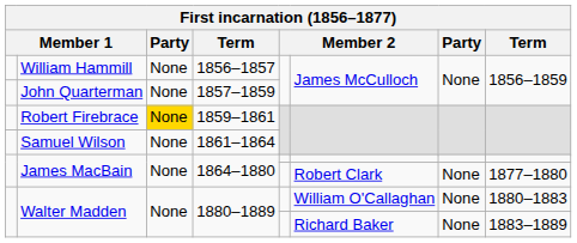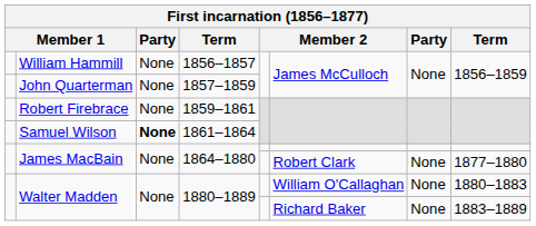 <table class="wikitable">
 <tr>
 <th colspan="8">First incarnation (1856–1877)</th>
 </tr>
 <tr>
 <th colspan="2">Member 1</th>
 <th>Party</th>
 <th>Term</th>
 <th colspan="2">Member 2</th>
 <th>Party</th>
 <th>Term</th>
 </tr>
 <tr>
 <td> </td>
 <td><a href='#'>William Hammill</a></td>
 <td>None</td>
 <td>1856–1857</td>
 <td rowspan=2 > </td>
 <td rowspan=2><a href='#'>James McCulloch</a></td>
 <td rowspan=2>None</td>
 <td rowspan=2>1856–1859</td>
 </tr>
 <tr>
 <td> </td>
 <td><a href='#'>John Quarterman</a></td>
 <td>None</td>
 <td>1857–1859</td>
 </tr>
 <tr>
 <td> </td>
 <td><a href='#'>Robert Firebrace</a></td>
-<td style="background: gold;">None</td>
+<td>None</td>
 <td>1859–1861</td>
 <td rowspan=3  bgcolor=#DFDFDF> </td>
 <td rowspan=3  bgcolor=#DFDFDF> </td>
 <td rowspan=3  bgcolor=#DFDFDF> </td>
 <td rowspan=3  bgcolor=#DFDFDF> </td>
 </tr>
 <tr>
 <td> </td>
 <td><a href='#'>Samuel Wilson</a></td>
-<td>None</td>
+<td><strong>None</strong></td>
 <td>1861–1864</td>
 </tr>
 <tr>
 <td rowspan=3 > </td>
 <td rowspan=3><a href='#'>James MacBain</a></td>
 <td rowspan=3>None</td>
 <td rowspan=3>1864–1880</td>
 </tr>
 <tr>
 <td></td>
 <td></td>
 <td></td>
 <td></td>
 </tr>
 <tr>
 <td> </td>
 <td><a href='#'>Robert Clark</a></td>
 <td>None</td>
 <td>1877–1880</td>
 </tr>
 <tr>
 <td rowspan="2" > </td>
 <td rowspan="2"><a href='#'>Walter Madden</a></td>
 <td rowspan="2">None</td>
 <td rowspan="2">1880–1889</td>
 <td> </td>
 <td><a href='#'>William O'Callaghan</a></td>
 <td>None</td>
 <td>1880–1883</td>
 </tr>
 <tr>
 <td> </td>
 <td><a href='#'>Richard Baker</a></td>
 <td>None</td>
 <td>1883–1889</td>
 </tr>
 </table>
